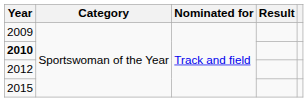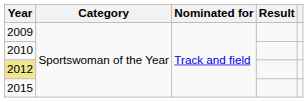 <table class="wikitable plainrowheaders">
 <tr>
 <th scope="col">Year</th>
 <th scope="col">Category</th>
 <th scope="col">Nominated for</th>
 <th scope="col">Result</th>
 <th scope="col"></th>
 </tr>
 <tr>
 <td align="center">2009</td>
 <td rowspan = "4">Sportswoman of the Year</td>
 <td rowspan = "4"><a href='#'>Track and field</a></td>
 <td></td>
 <td></td>
 </tr>
 <tr>
-<td align="center"><strong>2010</strong></td>
+<td align="center">2010</td>
 <td></td>
 <td></td>
 </tr>
 <tr>
-<td align="center">2012</td>
+<td align="center" style="background: khaki;">2012</td>
 <td></td>
 <td></td>
 </tr>
 <tr>
 <td align="center">2015</td>
 <td></td>
 <td></td>
 </tr>
 </table>
